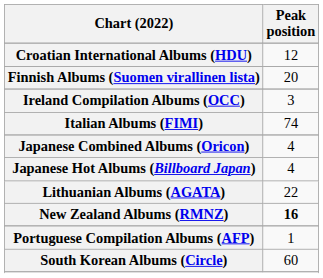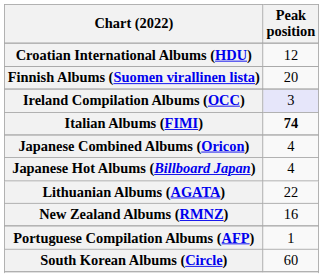 <table class="wikitable sortable plainrowheaders" style="text-align:center">
 <tr>
 <th scope="col">Chart (2022)</th>
 <th scope="col">Peak<br>position</th>
 </tr>
 <tr>
 </tr>
 <tr>
 </tr>
 <tr>
 </tr>
 <tr>
 </tr>
 <tr>
 </tr>
 <tr>
 <th scope="row">Croatian International Albums (<a href='#'>HDU</a>)</th>
 <td>12</td>
 </tr>
 <tr>
 </tr>
 <tr>
 </tr>
 <tr>
 <th scope="row">Finnish Albums (<a href='#'>Suomen virallinen lista</a>)</th>
 <td>20</td>
 </tr>
 <tr>
 </tr>
 <tr>
 </tr>
 <tr>
 <th scope="row">Ireland Compilation Albums (<a href='#'>OCC</a>)</th>
-<td>3</td>
+<td style="background: lavender;">3</td>
 </tr>
 <tr>
 <th scope="row">Italian Albums (<a href='#'>FIMI</a>)</th>
-<td>74</td>
+<td><strong>74</strong></td>
 </tr>
 <tr>
 </tr>
 <tr>
 <th scope="row">Japanese Combined Albums (<a href='#'>Oricon</a>)</th>
 <td>4</td>
 </tr>
 <tr>
 <th scope="row">Japanese Hot Albums (<em><a href='#'>Billboard Japan</a></em>)</th>
 <td>4</td>
 </tr>
 <tr>
 <th scope="row">Lithuanian Albums (<a href='#'>AGATA</a>)</th>
 <td>22</td>
 </tr>
 <tr>
 <th scope="row">New Zealand Albums (<a href='#'>RMNZ</a>)</th>
-<td><strong>16</strong></td>
+<td>16</td>
 </tr>
 <tr>
 </tr>
 <tr>
 </tr>
 <tr>
 <th scope="row">Portuguese Compilation Albums (<a href='#'>AFP</a>)</th>
 <td>1</td>
 </tr>
 <tr>
 <th scope="row">South Korean Albums (<a href='#'>Circle</a>)</th>
 <td>60</td>
 </tr>
 <tr>
 </tr>
 <tr>
 </tr>
 <tr>
 </tr>
 <tr>
 </tr>
 <tr>
 </tr>
 <tr>
 </tr>
 </table>
